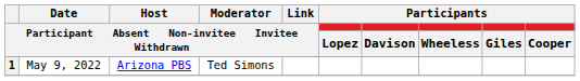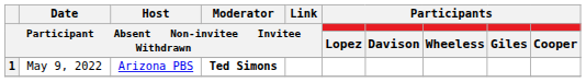 <table class="wikitable" style="text-align:center;">
 <tr style="font-size:small;">
 <th scope="col"></th>
 <th scope="col">Date</th>
 <th scope="col">Host</th>
 <th scope="col">Moderator</th>
 <th scope="col">Link</th>
 <th scope="col" colspan="5">Participants</th>
 </tr>
 <tr>
 <th colspan="5" rowspan="2"> <small>Participant  </small> <small>Absent  </small> <small>Non-invitee  </small> <small>Invitee Withdrawn</small></th>
 <th scope="col" style="background:#E81B23;"></th>
 <th scope="col" style="background:#E81B23;"></th>
 <th scope="col" style="background:#E81B23;"></th>
 <th scope="col" style="background:#E81B23;"></th>
 <th scope="col" style="background:#E81B23;"></th>
 </tr>
 <tr>
 <th scope="col">Lopez</th>
 <th scope="col">Davison</th>
 <th scope="col">Wheeless</th>
 <th scope="col">Giles</th>
 <th scope="col">Cooper</th>
 </tr>
 <tr>
 </tr>
 <tr style="background:#FFFFFF;font-size:small;">
 <th scope="row">1</th>
 <td style="white-space:nowrap;">May 9, 2022</td>
 <td style="white-space:nowrap;"><a href='#'>Arizona PBS</a></td>
-<td style="white-space:nowrap;">Ted Simons</td>
+<td style="white-space:nowrap;"><strong>Ted Simons</strong></td>
 <td style="white-space:nowrap;"></td>
 <td></td>
 <td></td>
 <td></td>
 <td></td>
 <td></td>
 </tr>
 <tr>
 </tr>
 </table>
